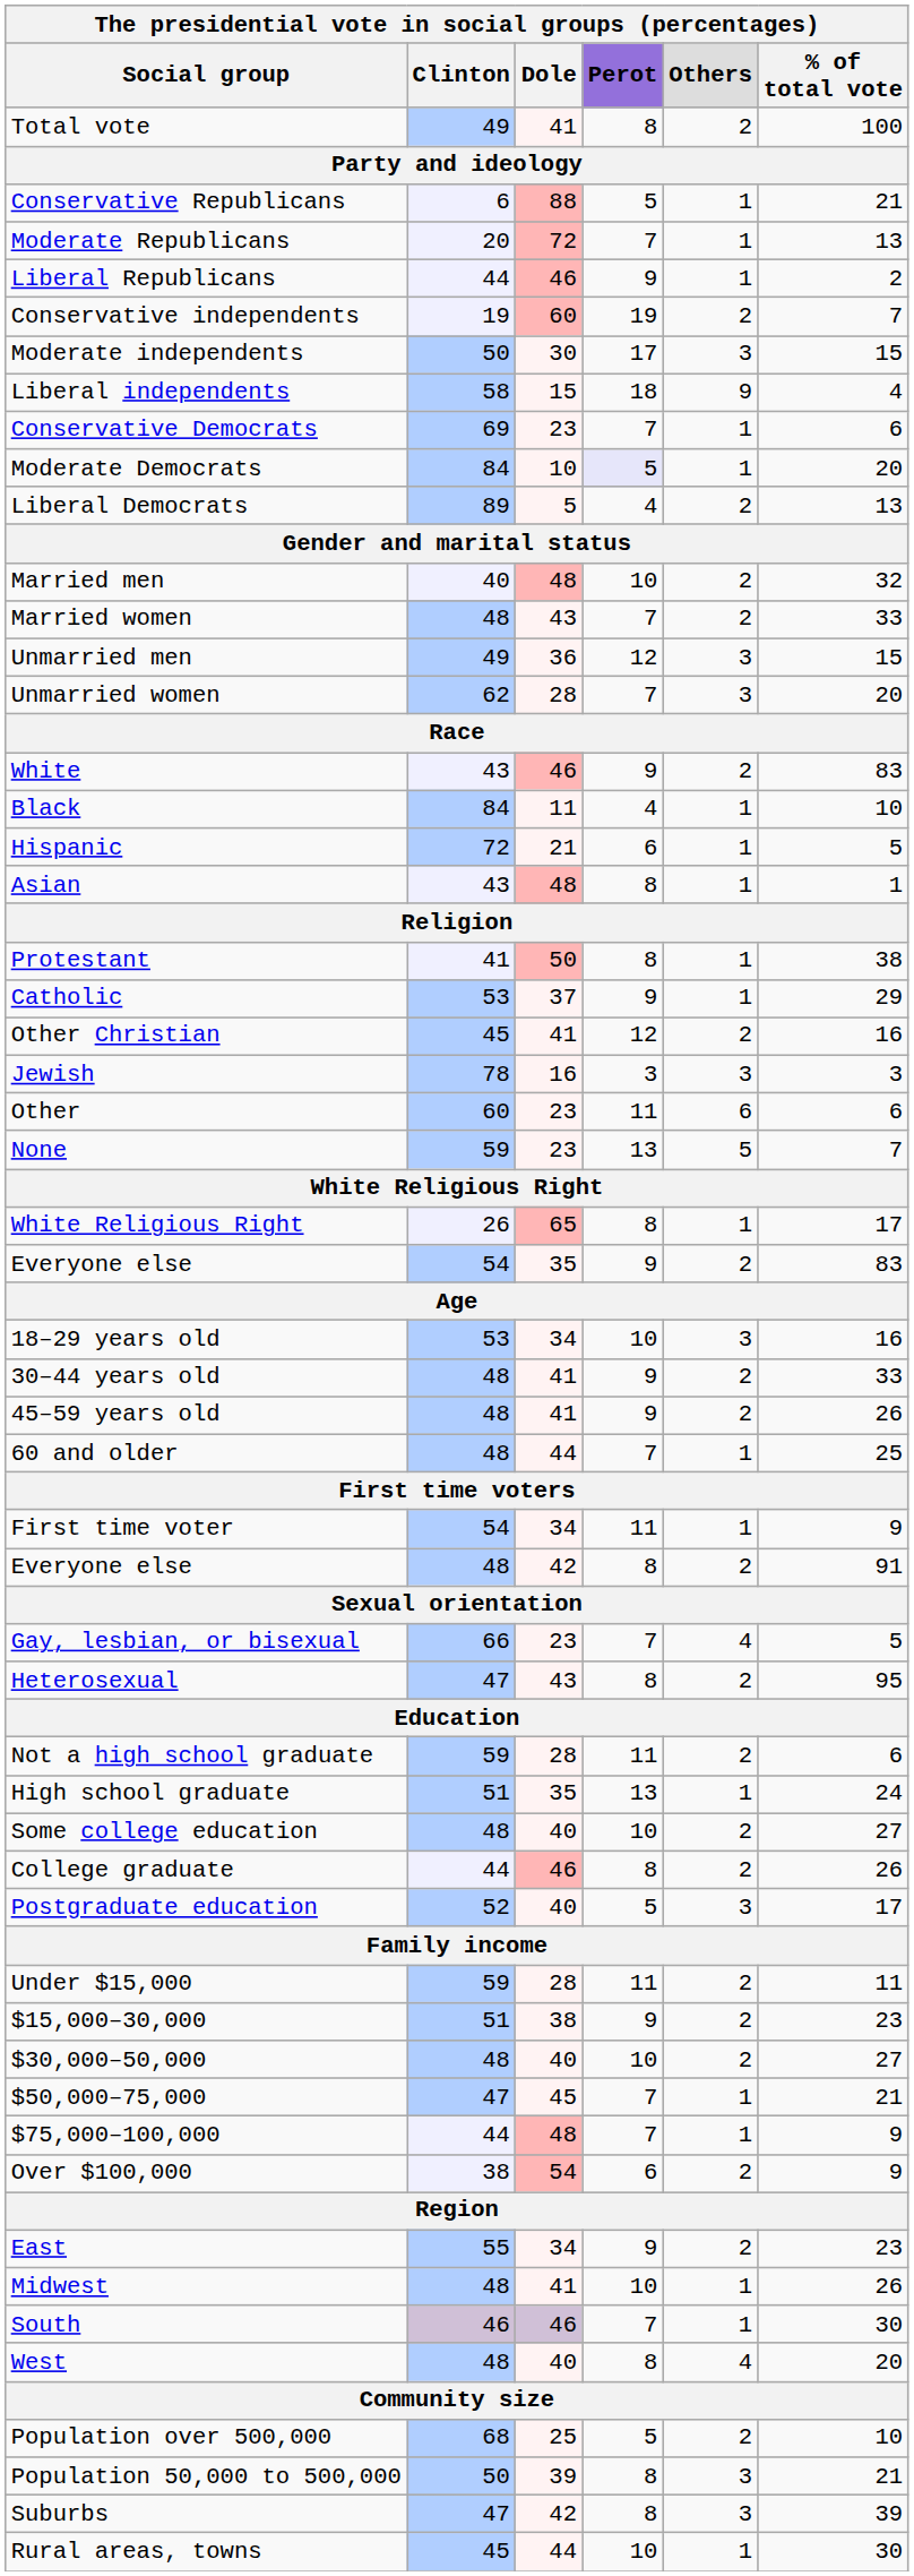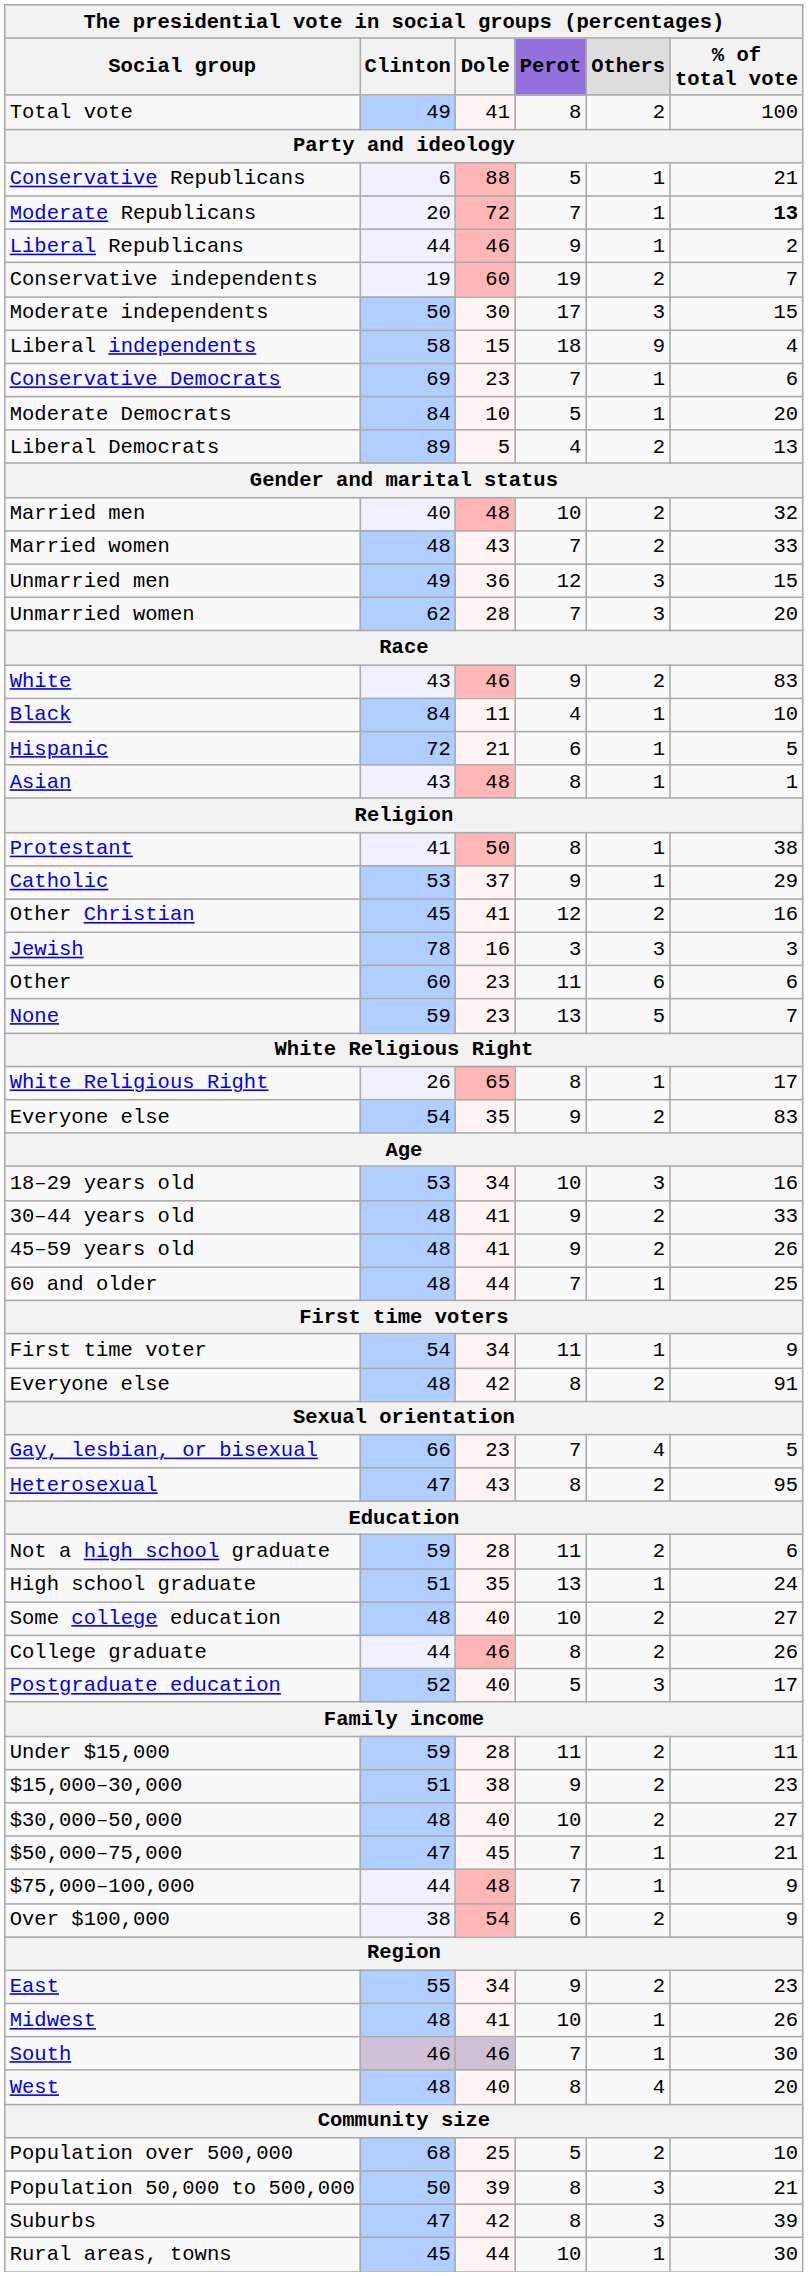 <table class="wikitable sortable">
 <tr>
 <th colspan="8">The presidential vote in social groups (percentages)</th>
 </tr>
 <tr>
 <th>Social group</th>
 <th>Clinton</th>
 <th>Dole</th>
 <th style="background:#9370db;">Perot</th>
 <th style="background-color:#DDDDDD;">Others</th>
 <th>% of<br>total vote</th>
 </tr>
 <tr>
 <td>Total vote</td>
 <td style="text-align:right; background:#b0ceff;">49</td>
 <td style="text-align:right; background:#fff3f3;">41</td>
 <td style="text-align:right;">8</td>
 <td style="text-align:right;">2</td>
 <td style="text-align:right;">100</td>
 </tr>
 <tr>
 <th colspan=6>Party and ideology</th>
 </tr>
 <tr>
 <td><a href='#'>Conservative</a> Republicans</td>
 <td style="text-align:right; background:#f0f0ff;">6</td>
 <td style="text-align:right; background:#ffb6b6;">88</td>
 <td style="text-align:right;">5</td>
 <td style="text-align:right;">1</td>
 <td style="text-align:right;">21</td>
 </tr>
 <tr>
 <td><a href='#'>Moderate</a> Republicans</td>
 <td style="text-align:right; background:#f0f0ff;">20</td>
 <td style="text-align:right; background:#ffb6b6;">72</td>
 <td style="text-align:right;">7</td>
 <td style="text-align:right;">1</td>
-<td style="text-align:right;">13</td>
+<td style="text-align:right;"><strong>13</strong></td>
 </tr>
 <tr>
 <td><a href='#'>Liberal</a> Republicans</td>
 <td style="text-align:right; background:#f0f0ff;">44</td>
 <td style="text-align:right; background:#ffb6b6;">46</td>
 <td style="text-align:right;">9</td>
 <td style="text-align:right;">1</td>
 <td style="text-align:right;">2</td>
 </tr>
 <tr>
 <td>Conservative independents</td>
 <td style="text-align:right; background:#f0f0ff;">19</td>
 <td style="text-align:right; background:#ffb6b6;">60</td>
 <td style="text-align:right;">19</td>
 <td style="text-align:right;">2</td>
 <td style="text-align:right;">7</td>
 </tr>
 <tr>
 <td>Moderate independents</td>
 <td style="text-align:right; background:#b0ceff;">50</td>
 <td style="text-align:right; background:#fff3f3;">30</td>
 <td style="text-align:right;">17</td>
 <td style="text-align:right;">3</td>
 <td style="text-align:right;">15</td>
 </tr>
 <tr>
 <td>Liberal <a href='#'>independents</a></td>
 <td style="text-align:right; background:#b0ceff;">58</td>
 <td style="text-align:right; background:#fff3f3;">15</td>
 <td style="text-align:right;">18</td>
 <td style="text-align:right;">9</td>
 <td style="text-align:right;">4</td>
 </tr>
 <tr>
 <td><a href='#'>Conservative Democrats</a></td>
 <td style="text-align:right; background:#b0ceff;">69</td>
 <td style="text-align:right; background:#fff3f3;">23</td>
 <td style="text-align:right;">7</td>
 <td style="text-align:right;">1</td>
 <td style="text-align:right;">6</td>
 </tr>
 <tr>
 <td>Moderate Democrats</td>
 <td style="text-align:right; background:#b0ceff;">84</td>
 <td style="text-align:right; background:#fff3f3;">10</td>
-<td style="background: lavender; text-align:right;">5</td>
+<td style="text-align:right;">5</td>
 <td style="text-align:right;">1</td>
 <td style="text-align:right;">20</td>
 </tr>
 <tr>
 <td>Liberal Democrats</td>
 <td style="text-align:right; background:#b0ceff;">89</td>
 <td style="text-align:right; background:#fff3f3;">5</td>
 <td style="text-align:right;">4</td>
 <td style="text-align:right;">2</td>
 <td style="text-align:right;">13</td>
 </tr>
 <tr>
 <th colspan=6>Gender and marital status</th>
 </tr>
 <tr>
 <td>Married men</td>
 <td style="text-align:right; background:#f0f0ff;">40</td>
 <td style="text-align:right; background:#ffb6b6;">48</td>
 <td style="text-align:right;">10</td>
 <td style="text-align:right;">2</td>
 <td style="text-align:right;">32</td>
 </tr>
 <tr>
 <td>Married women</td>
 <td style="text-align:right; background:#b0ceff;">48</td>
 <td style="text-align:right; background:#fff3f3;">43</td>
 <td style="text-align:right;">7</td>
 <td style="text-align:right;">2</td>
 <td style="text-align:right;">33</td>
 </tr>
 <tr>
 <td>Unmarried men</td>
 <td style="text-align:right; background:#b0ceff;">49</td>
 <td style="text-align:right; background:#fff3f3;">36</td>
 <td style="text-align:right;">12</td>
 <td style="text-align:right;">3</td>
 <td style="text-align:right;">15</td>
 </tr>
 <tr>
 <td>Unmarried women</td>
 <td style="text-align:right; background:#b0ceff;">62</td>
 <td style="text-align:right; background:#fff3f3;">28</td>
 <td style="text-align:right;">7</td>
 <td style="text-align:right;">3</td>
 <td style="text-align:right;">20</td>
 </tr>
 <tr>
 <th colspan=6>Race</th>
 </tr>
 <tr>
 <td><a href='#'>White</a></td>
 <td style="text-align:right; background:#f0f0ff;">43</td>
 <td style="text-align:right; background:#ffb6b6;">46</td>
 <td style="text-align:right;">9</td>
 <td style="text-align:right;">2</td>
 <td style="text-align:right;">83</td>
 </tr>
 <tr>
 <td><a href='#'>Black</a></td>
 <td style="text-align:right; background:#b0ceff;">84</td>
 <td style="text-align:right; background:#fff3f3;">11</td>
 <td style="text-align:right;">4</td>
 <td style="text-align:right;">1</td>
 <td style="text-align:right;">10</td>
 </tr>
 <tr>
 <td><a href='#'>Hispanic</a></td>
 <td style="text-align:right; background:#b0ceff;">72</td>
 <td style="text-align:right; background:#fff3f3;">21</td>
 <td style="text-align:right;">6</td>
 <td style="text-align:right;">1</td>
 <td style="text-align:right;">5</td>
 </tr>
 <tr>
 <td><a href='#'>Asian</a></td>
 <td style="text-align:right; background:#f0f0ff;">43</td>
 <td style="text-align:right; background:#ffb6b6;">48</td>
 <td style="text-align:right;">8</td>
 <td style="text-align:right;">1</td>
 <td style="text-align:right;">1</td>
 </tr>
 <tr>
 <th colspan=6>Religion</th>
 </tr>
 <tr>
 <td><a href='#'>Protestant</a></td>
 <td style="text-align:right; background:#f0f0ff;">41</td>
 <td style="text-align:right; background:#ffb6b6;">50</td>
 <td style="text-align:right;">8</td>
 <td style="text-align:right;">1</td>
 <td style="text-align:right;">38</td>
 </tr>
 <tr>
 <td><a href='#'>Catholic</a></td>
 <td style="text-align:right; background:#b0ceff;">53</td>
 <td style="text-align:right; background:#fff3f3;">37</td>
 <td style="text-align:right;">9</td>
 <td style="text-align:right;">1</td>
 <td style="text-align:right;">29</td>
 </tr>
 <tr>
 <td>Other <a href='#'>Christian</a></td>
 <td style="text-align:right; background:#b0ceff;">45</td>
 <td style="text-align:right; background:#fff3f3;">41</td>
 <td style="text-align:right;">12</td>
 <td style="text-align:right;">2</td>
 <td style="text-align:right;">16</td>
 </tr>
 <tr>
 <td><a href='#'>Jewish</a></td>
 <td style="text-align:right; background:#b0ceff;">78</td>
 <td style="text-align:right; background:#fff3f3;">16</td>
 <td style="text-align:right;">3</td>
 <td style="text-align:right;">3</td>
 <td style="text-align:right;">3</td>
 </tr>
 <tr>
 <td>Other</td>
 <td style="text-align:right; background:#b0ceff;">60</td>
 <td style="text-align:right; background:#fff3f3;">23</td>
 <td style="text-align:right;">11</td>
 <td style="text-align:right;">6</td>
 <td style="text-align:right;">6</td>
 </tr>
 <tr>
 <td><a href='#'>None</a></td>
 <td style="text-align:right; background:#b0ceff;">59</td>
 <td style="text-align:right; background:#fff3f3;">23</td>
 <td style="text-align:right;">13</td>
 <td style="text-align:right;">5</td>
 <td style="text-align:right;">7</td>
 </tr>
 <tr>
 <th colspan=6>White Religious Right</th>
 </tr>
 <tr>
 <td><a href='#'>White Religious Right</a></td>
 <td style="text-align:right; background:#f0f0ff;">26</td>
 <td style="text-align:right; background:#ffb6b6;">65</td>
 <td style="text-align:right;">8</td>
 <td style="text-align:right;">1</td>
 <td style="text-align:right;">17</td>
 </tr>
 <tr>
 <td>Everyone else</td>
 <td style="text-align:right; background:#b0ceff;">54</td>
 <td style="text-align:right; background:#fff3f3;">35</td>
 <td style="text-align:right;">9</td>
 <td style="text-align:right;">2</td>
 <td style="text-align:right;">83</td>
 </tr>
 <tr>
 <th colspan=6>Age</th>
 </tr>
 <tr>
 <td>18–29 years old</td>
 <td style="text-align:right; background:#b0ceff;">53</td>
 <td style="text-align:right; background:#fff3f3;">34</td>
 <td style="text-align:right;">10</td>
 <td style="text-align:right;">3</td>
 <td style="text-align:right;">16</td>
 </tr>
 <tr>
 <td>30–44 years old</td>
 <td style="text-align:right; background:#b0ceff;">48</td>
 <td style="text-align:right; background:#fff3f3;">41</td>
 <td style="text-align:right;">9</td>
 <td style="text-align:right;">2</td>
 <td style="text-align:right;">33</td>
 </tr>
 <tr>
 <td>45–59 years old</td>
 <td style="text-align:right; background:#b0ceff;">48</td>
 <td style="text-align:right; background:#fff3f3;">41</td>
 <td style="text-align:right;">9</td>
 <td style="text-align:right;">2</td>
 <td style="text-align:right;">26</td>
 </tr>
 <tr>
 <td>60 and older</td>
 <td style="text-align:right; background:#b0ceff;">48</td>
 <td style="text-align:right; background:#fff3f3;">44</td>
 <td style="text-align:right;">7</td>
 <td style="text-align:right;">1</td>
 <td style="text-align:right;">25</td>
 </tr>
 <tr>
 <th colspan=6>First time voters</th>
 </tr>
 <tr>
 <td>First time voter</td>
 <td style="text-align:right; background:#b0ceff;">54</td>
 <td style="text-align:right; background:#fff3f3;">34</td>
 <td style="text-align:right;">11</td>
 <td style="text-align:right;">1</td>
 <td style="text-align:right;">9</td>
 </tr>
 <tr>
 <td>Everyone else</td>
 <td style="text-align:right; background:#b0ceff;">48</td>
 <td style="text-align:right; background:#fff3f3;">42</td>
 <td style="text-align:right;">8</td>
 <td style="text-align:right;">2</td>
 <td style="text-align:right;">91</td>
 </tr>
 <tr>
 <th colspan=6>Sexual orientation</th>
 </tr>
 <tr>
 <td><a href='#'>Gay, lesbian, or bisexual</a></td>
 <td style="text-align:right; background:#b0ceff;">66</td>
 <td style="text-align:right; background:#fff3f3;">23</td>
 <td style="text-align:right;">7</td>
 <td style="text-align:right;">4</td>
 <td style="text-align:right;">5</td>
 </tr>
 <tr>
 <td><a href='#'>Heterosexual</a></td>
 <td style="text-align:right; background:#b0ceff;">47</td>
 <td style="text-align:right; background:#fff3f3;">43</td>
 <td style="text-align:right;">8</td>
 <td style="text-align:right;">2</td>
 <td style="text-align:right;">95</td>
 </tr>
 <tr>
 <th colspan=6>Education</th>
 </tr>
 <tr>
 <td>Not a <a href='#'>high school</a> graduate</td>
 <td style="text-align:right; background:#b0ceff;">59</td>
 <td style="text-align:right; background:#fff3f3;">28</td>
 <td style="text-align:right;">11</td>
 <td style="text-align:right;">2</td>
 <td style="text-align:right;">6</td>
 </tr>
 <tr>
 <td>High school graduate</td>
 <td style="text-align:right; background:#b0ceff;">51</td>
 <td style="text-align:right; background:#fff3f3;">35</td>
 <td style="text-align:right;">13</td>
 <td style="text-align:right;">1</td>
 <td style="text-align:right;">24</td>
 </tr>
 <tr>
 <td>Some <a href='#'>college</a> education</td>
 <td style="text-align:right; background:#b0ceff;">48</td>
 <td style="text-align:right; background:#fff3f3;">40</td>
 <td style="text-align:right;">10</td>
 <td style="text-align:right;">2</td>
 <td style="text-align:right;">27</td>
 </tr>
 <tr>
 <td>College graduate</td>
 <td style="text-align:right; background:#f0f0ff;">44</td>
 <td style="text-align:right; background:#ffb6b6;">46</td>
 <td style="text-align:right;">8</td>
 <td style="text-align:right;">2</td>
 <td style="text-align:right;">26</td>
 </tr>
 <tr>
 <td><a href='#'>Postgraduate education</a></td>
 <td style="text-align:right; background:#b0ceff;">52</td>
 <td style="text-align:right; background:#fff3f3;">40</td>
 <td style="text-align:right;">5</td>
 <td style="text-align:right;">3</td>
 <td style="text-align:right;">17</td>
 </tr>
 <tr>
 <th colspan=6>Family income</th>
 </tr>
 <tr>
 <td>Under $15,000</td>
 <td style="text-align:right; background:#b0ceff;">59</td>
 <td style="text-align:right; background:#fff3f3;">28</td>
 <td style="text-align:right;">11</td>
 <td style="text-align:right;">2</td>
 <td style="text-align:right;">11</td>
 </tr>
 <tr>
 <td>$15,000–30,000</td>
 <td style="text-align:right; background:#b0ceff;">51</td>
 <td style="text-align:right; background:#fff3f3;">38</td>
 <td style="text-align:right;">9</td>
 <td style="text-align:right;">2</td>
 <td style="text-align:right;">23</td>
 </tr>
 <tr>
 <td>$30,000–50,000</td>
 <td style="text-align:right; background:#b0ceff;">48</td>
 <td style="text-align:right; background:#fff3f3;">40</td>
 <td style="text-align:right;">10</td>
 <td style="text-align:right;">2</td>
 <td style="text-align:right;">27</td>
 </tr>
 <tr>
 <td>$50,000–75,000</td>
 <td style="text-align:right; background:#b0ceff;">47</td>
 <td style="text-align:right; background:#fff3f3;">45</td>
 <td style="text-align:right;">7</td>
 <td style="text-align:right;">1</td>
 <td style="text-align:right;">21</td>
 </tr>
 <tr>
 <td>$75,000–100,000</td>
 <td style="text-align:right; background:#f0f0ff;">44</td>
 <td style="text-align:right; background:#ffb6b6;">48</td>
 <td style="text-align:right;">7</td>
 <td style="text-align:right;">1</td>
 <td style="text-align:right;">9</td>
 </tr>
 <tr>
 <td>Over $100,000</td>
 <td style="text-align:right; background:#f0f0ff;">38</td>
 <td style="text-align:right; background:#ffb6b6;">54</td>
 <td style="text-align:right;">6</td>
 <td style="text-align:right;">2</td>
 <td style="text-align:right;">9</td>
 </tr>
 <tr>
 <th colspan=6>Region</th>
 </tr>
 <tr>
 <td><a href='#'>East</a></td>
 <td style="text-align:right; background:#b0ceff;">55</td>
 <td style="text-align:right; background:#fff3f3;">34</td>
 <td style="text-align:right;">9</td>
 <td style="text-align:right;">2</td>
 <td style="text-align:right;">23</td>
 </tr>
 <tr>
 <td><a href='#'>Midwest</a></td>
 <td style="text-align:right; background:#b0ceff;">48</td>
 <td style="text-align:right; background:#fff3f3;">41</td>
 <td style="text-align:right;">10</td>
 <td style="text-align:right;">1</td>
 <td style="text-align:right;">26</td>
 </tr>
 <tr>
 <td><a href='#'>South</a></td>
 <td style="text-align:right; background:#d0c0d7;">46</td>
 <td style="text-align:right; background:#d0c0d7;">46</td>
 <td style="text-align:right;">7</td>
 <td style="text-align:right;">1</td>
 <td style="text-align:right;">30</td>
 </tr>
 <tr>
 <td><a href='#'>West</a></td>
 <td style="text-align:right; background:#b0ceff;">48</td>
 <td style="text-align:right; background:#fff3f3;">40</td>
 <td style="text-align:right;">8</td>
 <td style="text-align:right;">4</td>
 <td style="text-align:right;">20</td>
 </tr>
 <tr>
 <th colspan=6>Community size</th>
 </tr>
 <tr>
 <td>Population over 500,000</td>
 <td style="text-align:right; background:#b0ceff;">68</td>
 <td style="text-align:right; background:#fff3f3;">25</td>
 <td style="text-align:right;">5</td>
 <td style="text-align:right;">2</td>
 <td style="text-align:right;">10</td>
 </tr>
 <tr>
 <td>Population 50,000 to 500,000</td>
 <td style="text-align:right; background:#b0ceff;">50</td>
 <td style="text-align:right; background:#fff3f3;">39</td>
 <td style="text-align:right;">8</td>
 <td style="text-align:right;">3</td>
 <td style="text-align:right;">21</td>
 </tr>
 <tr>
 <td>Suburbs</td>
 <td style="text-align:right; background:#b0ceff;">47</td>
 <td style="text-align:right; background:#fff3f3;">42</td>
 <td style="text-align:right;">8</td>
 <td style="text-align:right;">3</td>
 <td style="text-align:right;">39</td>
 </tr>
 <tr>
 <td>Rural areas, towns</td>
 <td style="text-align:right; background:#b0ceff;">45</td>
 <td style="text-align:right; background:#fff3f3;">44</td>
 <td style="text-align:right;">10</td>
 <td style="text-align:right;">1</td>
 <td style="text-align:right;">30</td>
 </tr>
 </table>
